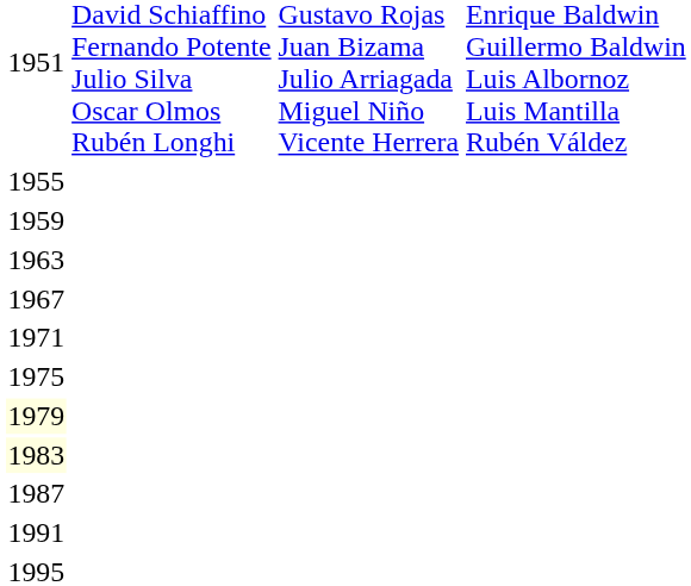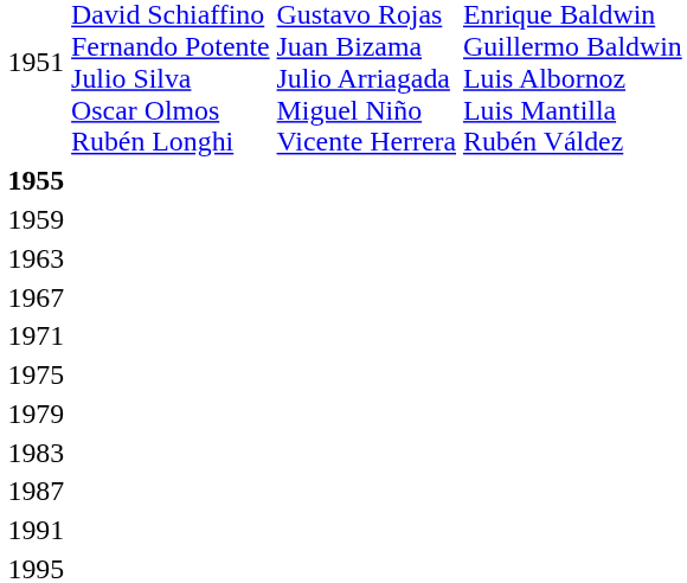 <table>
 <tr>
 <td>1951</td>
 <td><br><a href='#'>David Schiaffino</a> <br> <a href='#'>Fernando Potente</a> <br><a href='#'>Julio Silva</a> <br> <a href='#'>Oscar Olmos</a> <br> <a href='#'>Rubén Longhi</a></td>
 <td><br><a href='#'>Gustavo Rojas</a> <br> <a href='#'>Juan Bizama</a> <br><a href='#'>Julio Arriagada</a> <br> <a href='#'>Miguel Niño</a> <br> <a href='#'>Vicente Herrera</a></td>
 <td><br><a href='#'>Enrique Baldwin</a> <br> <a href='#'>Guillermo Baldwin</a> <br><a href='#'>Luis Albornoz</a> <br> <a href='#'>Luis Mantilla</a> <br> <a href='#'>Rubén Váldez</a></td>
 </tr>
 <tr>
-<td>1955</td>
+<td><strong>1955</strong></td>
 <td></td>
 <td></td>
 <td></td>
 </tr>
 <tr>
 <td>1959</td>
 <td></td>
 <td></td>
 <td></td>
 </tr>
 <tr>
 <td>1963</td>
 <td></td>
 <td></td>
 <td></td>
 </tr>
 <tr>
 <td>1967</td>
 <td></td>
 <td></td>
 <td></td>
 </tr>
 <tr>
 <td>1971</td>
 <td></td>
 <td></td>
 <td></td>
 </tr>
 <tr>
 <td>1975</td>
 <td></td>
 <td></td>
 <td></td>
 </tr>
 <tr>
-<td style="background: lightyellow;">1979</td>
+<td>1979</td>
 <td></td>
 <td></td>
 <td></td>
 </tr>
 <tr>
-<td style="background: lightyellow;">1983</td>
+<td>1983</td>
 <td></td>
 <td></td>
 <td></td>
 </tr>
 <tr>
 <td>1987</td>
 <td></td>
 <td></td>
 <td></td>
 </tr>
 <tr>
 <td>1991</td>
 <td></td>
 <td></td>
 <td></td>
 </tr>
 <tr>
 <td>1995</td>
 <td></td>
 <td></td>
 <td></td>
 </tr>
 </table>
